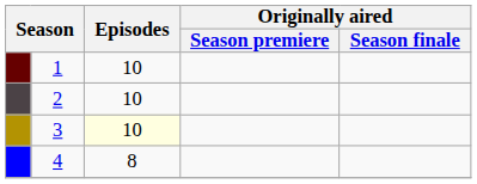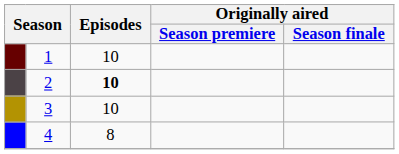 <table class="wikitable" style="text-align:center">
 <tr>
 <th style="padding: 0px 8px" colspan="2" rowspan="2">Season</th>
 <th style="padding: 0px 8px" rowspan="2">Episodes</th>
 <th style="padding: 0px 8px;" colspan=2>Originally aired</th>
 </tr>
 <tr>
 <th style="padding: 0px 8px"><a href='#'>Season premiere</a></th>
 <th style="padding: 0px 8px"><a href='#'>Season finale</a></th>
 </tr>
 <tr>
 <td bgcolor="#660000"></td>
 <td><a href='#'>1</a></td>
 <td>10</td>
 <td></td>
 <td></td>
 </tr>
 <tr>
 <td bgcolor="#4B4246"></td>
 <td><a href='#'>2</a></td>
-<td>10</td>
+<td><strong>10</strong></td>
 <td></td>
 <td></td>
 </tr>
 <tr>
 <td bgcolor="#B39302"></td>
 <td><a href='#'>3</a></td>
-<td style="background: lightyellow;">10</td>
+<td>10</td>
 <td></td>
 <td></td>
 </tr>
 <tr>
 <td bgcolor="#0000FF"></td>
 <td><a href='#'>4</a></td>
 <td>8</td>
 <td></td>
 <td></td>
 </tr>
 <tr>
 </tr>
 </table>
